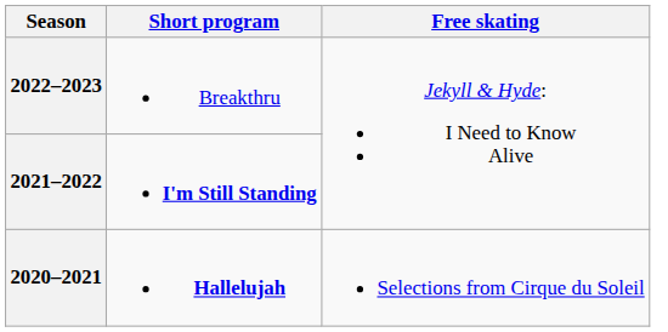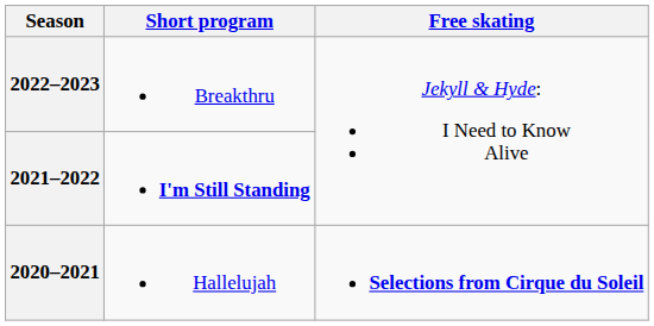 <table class=wikitable style=text-align:center>
 <tr>
 <th>Season</th>
 <th><a href='#'>Short program</a></th>
 <th><a href='#'>Free skating</a></th>
 </tr>
 <tr>
 <th>2022–2023 <br> </th>
 <td><br><ul><li><a href='#'>Breakthru</a> <br> </li></ul></td>
 <td rowspan=2><em><a href='#'>Jekyll & Hyde</a></em>:<br><ul><li>I Need to Know</li><li>Alive <br> </li></ul></td>
 </tr>
 <tr>
 <th>2021–2022 <br> </th>
 <td><strong><br><ul><li><a href='#'>I'm Still Standing</a> <br> </li></ul></strong></td>
 </tr>
 <tr>
 <th>2020–2021 <br> </th>
-<td><strong><br><ul><li><a href='#'>Hallelujah</a> <br> </li></ul></strong></td>
-<td><br><ul><li><a href='#'>Selections from Cirque du Soleil</a> <br> </li></ul></td>
+<td><br><ul><li><a href='#'>Hallelujah</a> <br> </li></ul></td>
+<td><strong><br><ul><li><a href='#'>Selections from Cirque du Soleil</a> <br> </li></ul></strong></td>
 </tr>
 </table>
